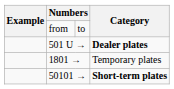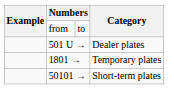 <table class="wikitable" style="float:left; margin-right:1em;">
 <tr>
 <th rowspan="2">Example</th>
 <th colspan="2">Numbers</th>
 <th rowspan="2">Category</th>
 </tr>
 <tr>
 <td>from</td>
 <td>to</td>
 </tr>
 <tr>
 <td></td>
 <td colspan="2">501 U →</td>
-<td><strong>Dealer plates</strong></td>
+<td>Dealer plates</td>
 </tr>
 <tr>
 <td></td>
 <td colspan="2">1801 →</td>
 <td>Temporary plates</td>
 </tr>
 <tr>
 <td></td>
 <td colspan="2">50101 →</td>
-<td><strong>Short-term plates</strong></td>
+<td>Short-term plates</td>
 </tr>
 </table>
